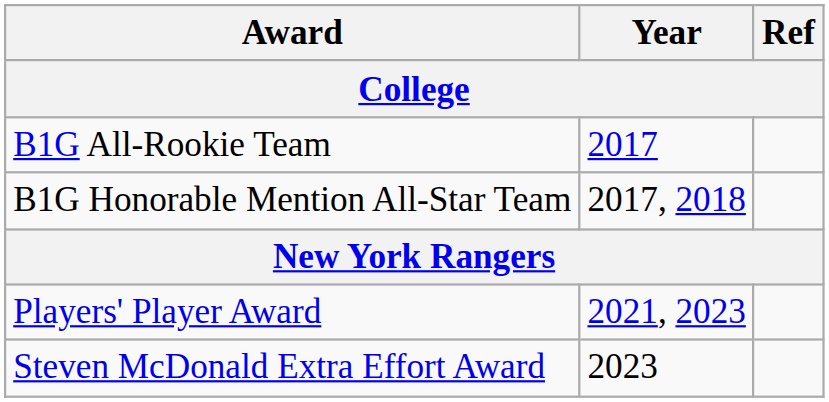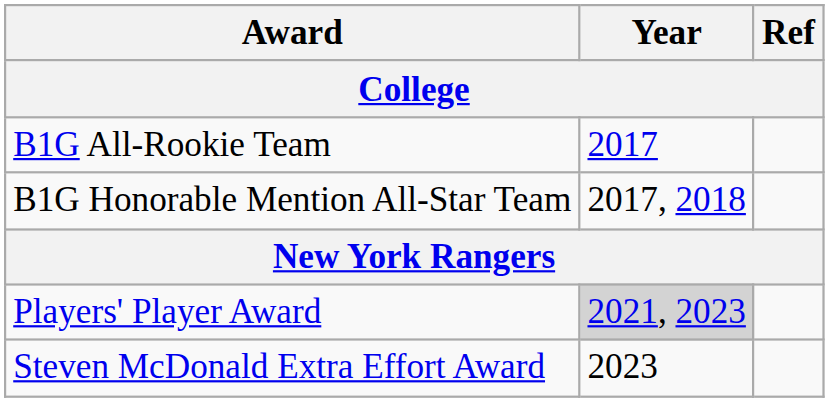 <table class="wikitable">
 <tr>
 <th>Award</th>
 <th>Year</th>
 <th>Ref</th>
 </tr>
 <tr>
 <th colspan="3"><a href='#'>College</a></th>
 </tr>
 <tr>
 <td><a href='#'>B1G</a> All-Rookie Team</td>
 <td><a href='#'>2017</a></td>
 <td></td>
 </tr>
 <tr>
 <td>B1G Honorable Mention All-Star Team</td>
 <td>2017, <a href='#'>2018</a></td>
 <td></td>
 </tr>
 <tr>
 <th colspan="3"><a href='#'>New York Rangers</a></th>
 </tr>
 <tr>
 <td><a href='#'>Players' Player Award</a></td>
-<td><a href='#'>2021</a>, <a href='#'>2023</a></td>
+<td style="background: lightgrey;"><a href='#'>2021</a>, <a href='#'>2023</a></td>
 <td></td>
 </tr>
 <tr>
 <td><a href='#'>Steven McDonald Extra Effort Award</a></td>
 <td>2023</td>
 <td></td>
 </tr>
 </table>
